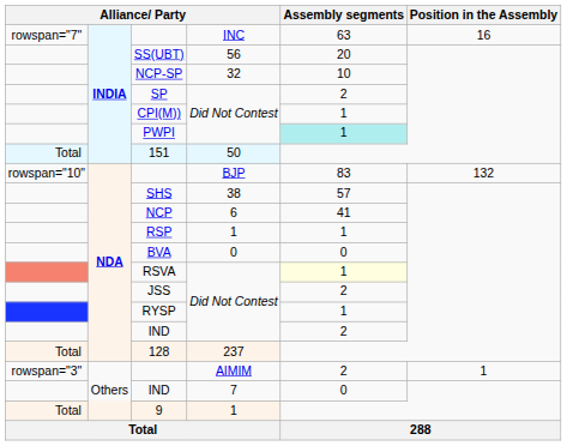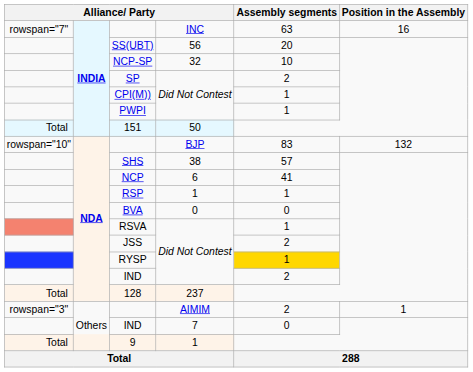 <table class="wikitable sortable" style="text-align:center;">
 <tr>
 <th colspan="4">Alliance/ Party</th>
 <th>Assembly segments</th>
 <th>Position in the Assembly</th>
 </tr>
 <tr>
 <td>rowspan="7" </td>
 <th rowspan="7" style="background:#E5F8FF"><a href='#'>INDIA</a></th>
 <td></td>
 <td><a href='#'>INC</a></td>
 <td>63</td>
 <td>16</td>
 </tr>
 <tr>
 <td></td>
 <td><a href='#'>SS(UBT)</a></td>
 <td>56</td>
 <td>20</td>
 </tr>
 <tr>
 <td></td>
 <td><a href='#'>NCP-SP</a></td>
 <td>32</td>
 <td>10</td>
 </tr>
 <tr>
 <td></td>
 <td><a href='#'>SP</a></td>
 <td rowspan=3><em>Did Not Contest</em></td>
 <td>2</td>
 </tr>
 <tr>
 <td></td>
 <td><a href='#'>CPI(M))</a></td>
 <td>1</td>
 </tr>
 <tr>
 <td></td>
 <td><a href='#'>PWPI</a></td>
-<td style="background: paleturquoise;">1</td>
+<td>1</td>
 </tr>
 <tr>
 <td colspan="2" style="background:#E5F8FF">Total</td>
 <td style="background:#E5F8FF">151</td>
 <td style="background:#E5F8FF">50</td>
 </tr>
 <tr>
 <td>rowspan="10" </td>
 <th rowspan="10" style="background:#fef3e8"><a href='#'>NDA</a></th>
 <td></td>
 <td><a href='#'>BJP</a></td>
 <td>83</td>
 <td>132</td>
 </tr>
 <tr>
 <td></td>
 <td><a href='#'>SHS</a></td>
 <td>38</td>
 <td>57</td>
 </tr>
 <tr>
 <td></td>
 <td><a href='#'>NCP</a></td>
 <td>6</td>
 <td>41</td>
 </tr>
 <tr>
 <td></td>
 <td><a href='#'>RSP</a></td>
 <td>1</td>
 <td>1</td>
 </tr>
 <tr>
 <td></td>
 <td><a href='#'>BVA</a></td>
 <td>0</td>
 <td>0</td>
 </tr>
 <tr>
 <td bgcolor=#F4826F></td>
 <td>RSVA</td>
 <td rowspan=4><em>Did Not Contest</em></td>
-<td style="background: lightyellow;">1</td>
+<td>1</td>
 </tr>
 <tr>
 <td></td>
 <td>JSS</td>
 <td>2</td>
 </tr>
 <tr>
 <td bgcolor=#1A34FF></td>
 <td>RYSP</td>
-<td>1</td>
+<td style="background: gold;">1</td>
 </tr>
 <tr>
 <td></td>
 <td>IND</td>
 <td>2</td>
 </tr>
 <tr>
 <td colspan="2" style="background:#fef3e8">Total</td>
 <td style="background:#fef3e8">128</td>
 <td style="background:#fef3e8">237</td>
 </tr>
 <tr>
 <td>rowspan="3" </td>
 <td rowspan="3">Others</td>
 <td></td>
 <td><a href='#'>AIMIM</a></td>
 <td>2</td>
 <td>1</td>
 </tr>
 <tr>
 <td></td>
 <td>IND</td>
 <td>7</td>
 <td>0</td>
 </tr>
 <tr>
 <td colspan="2" style="background:#fef3e8">Total</td>
 <td style="background:#fef3e8">9</td>
 <td style="background:#fef3e8">1</td>
 </tr>
 <tr>
 <th colspan="4">Total</th>
 <th colspan="3">288</th>
 </tr>
 </table>
